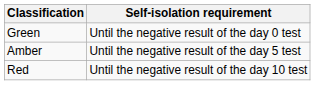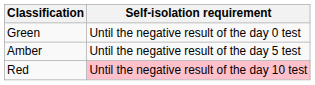 <table class="wikitable">
 <tr>
 <th>Classification</th>
 <th>Self-isolation requirement</th>
 </tr>
 <tr>
 <td>Green</td>
 <td>Until the negative result of the day 0 test</td>
 </tr>
 <tr>
 <td>Amber</td>
 <td>Until the negative result of the day 5 test</td>
 </tr>
 <tr>
 <td>Red</td>
-<td>Until the negative result of the day 10 test</td>
+<td style="background: pink;">Until the negative result of the day 10 test</td>
 </tr>
 </table>
